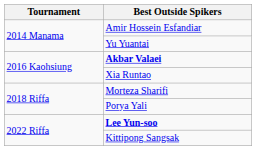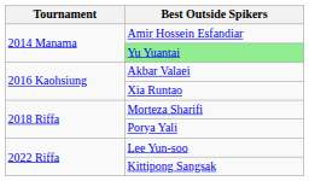 <table class=wikitable style="width: 400px;">
 <tr>
 <th style="width: 40%;">Tournament</th>
 <th style="width: 60%;">Best Outside Spikers</th>
 </tr>
 <tr>
 <td rowspan=2><a href='#'>2014 Manama</a></td>
 <td> <a href='#'>Amir Hossein Esfandiar</a></td>
 </tr>
 <tr>
-<td> <a href='#'>Yu Yuantai</a></td>
+<td style="background: lightgreen;"> <a href='#'>Yu Yuantai</a></td>
 </tr>
 <tr>
 <td rowspan=2><a href='#'>2016 Kaohsiung</a></td>
-<td><strong> <a href='#'>Akbar Valaei</a></strong></td>
+<td> <a href='#'>Akbar Valaei</a></td>
 </tr>
 <tr>
 <td> <a href='#'>Xia Runtao</a></td>
 </tr>
 <tr>
 <td rowspan=2><a href='#'>2018 Riffa</a></td>
 <td> <a href='#'>Morteza Sharifi</a></td>
 </tr>
 <tr>
 <td> <a href='#'>Porya Yali</a></td>
 </tr>
 <tr>
 <td rowspan=2><a href='#'>2022 Riffa</a></td>
-<td><strong> <a href='#'>Lee Yun-soo</a></strong></td>
+<td> <a href='#'>Lee Yun-soo</a></td>
 </tr>
 <tr>
 <td> <a href='#'>Kittipong Sangsak</a></td>
 </tr>
 </table>
